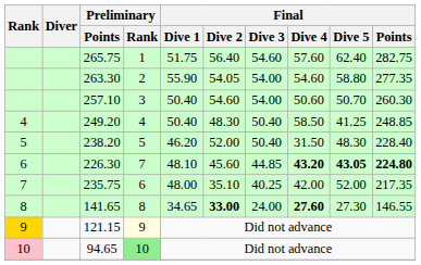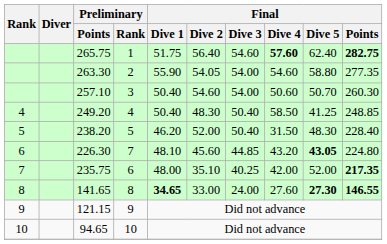 <table class="wikitable sortable"  style="text-align:center">
 <tr>
 <th rowspan="2" data-sort-type=number>Rank</th>
 <th rowspan="2">Diver</th>
 <th colspan="2">Preliminary</th>
 <th colspan="6">Final</th>
 </tr>
 <tr>
 <th>Points</th>
 <th>Rank</th>
 <th>Dive 1</th>
 <th>Dive 2</th>
 <th>Dive 3</th>
 <th>Dive 4</th>
 <th>Dive 5</th>
 <th>Points</th>
 </tr>
 <tr bgcolor=ccffcc>
 <td></td>
 <td align="left"></td>
 <td>265.75</td>
 <td>1</td>
 <td>51.75</td>
 <td>56.40</td>
 <td>54.60</td>
-<td>57.60</td>
+<td><strong>57.60</strong></td>
 <td>62.40</td>
-<td>282.75</td>
+<td><strong>282.75</strong></td>
 </tr>
 <tr bgcolor=ccffcc>
 <td></td>
 <td align="left"></td>
 <td>263.30</td>
 <td>2</td>
 <td>55.90</td>
 <td>54.05</td>
 <td>54.00</td>
 <td>54.60</td>
 <td>58.80</td>
 <td>277.35</td>
 </tr>
 <tr bgcolor=ccffcc>
 <td></td>
 <td align="left"></td>
 <td>257.10</td>
 <td>3</td>
 <td>50.40</td>
 <td>54.60</td>
 <td>54.00</td>
 <td>50.60</td>
 <td>50.70</td>
 <td>260.30</td>
 </tr>
 <tr bgcolor=ccffcc>
 <td>4</td>
 <td align="left"></td>
 <td>249.20</td>
 <td>4</td>
 <td>50.40</td>
 <td>48.30</td>
 <td>50.40</td>
 <td>58.50</td>
 <td>41.25</td>
 <td>248.85</td>
 </tr>
 <tr bgcolor=ccffcc>
 <td>5</td>
 <td align="left"></td>
 <td>238.20</td>
 <td>5</td>
 <td>46.20</td>
 <td>52.00</td>
 <td>50.40</td>
 <td>31.50</td>
 <td>48.30</td>
 <td>228.40</td>
 </tr>
 <tr bgcolor=ccffcc>
 <td>6</td>
 <td align="left"></td>
 <td>226.30</td>
 <td>7</td>
 <td>48.10</td>
 <td>45.60</td>
 <td>44.85</td>
-<td><strong>43.20</strong></td>
+<td>43.20</td>
 <td><strong>43.05</strong></td>
-<td><strong>224.80</strong></td>
+<td>224.80</td>
 </tr>
 <tr bgcolor=ccffcc>
 <td>7</td>
 <td align="left"></td>
 <td>235.75</td>
 <td>6</td>
 <td>48.00</td>
 <td>35.10</td>
 <td>40.25</td>
 <td>42.00</td>
 <td>52.00</td>
-<td>217.35</td>
+<td><strong>217.35</strong></td>
 </tr>
 <tr bgcolor=ccffcc>
 <td>8</td>
 <td align="left"></td>
 <td>141.65</td>
 <td>8</td>
-<td>34.65</td>
-<td><strong>33.00</strong></td>
+<td><strong>34.65</strong></td>
+<td>33.00</td>
 <td>24.00</td>
-<td><strong>27.60</strong></td>
-<td>27.30</td>
-<td>146.55</td>
+<td>27.60</td>
+<td><strong>27.30</strong></td>
+<td><strong>146.55</strong></td>
 </tr>
 <tr>
-<td style="background: gold;">9</td>
+<td>9</td>
 <td align="left"></td>
 <td>121.15</td>
-<td style="background: lightyellow;">9</td>
+<td>9</td>
 <td colspan="7">Did not advance</td>
 </tr>
 <tr>
-<td style="background: pink;">10</td>
+<td>10</td>
 <td align="left"></td>
 <td>94.65</td>
-<td style="background: lightgreen;">10</td>
+<td>10</td>
 <td colspan="7">Did not advance</td>
 </tr>
 <tr>
 </tr>
 </table>
